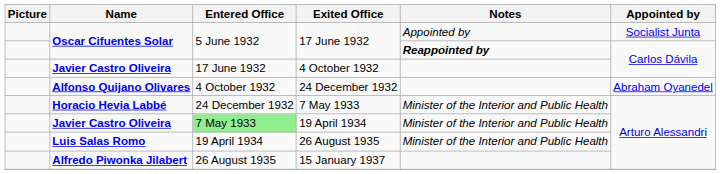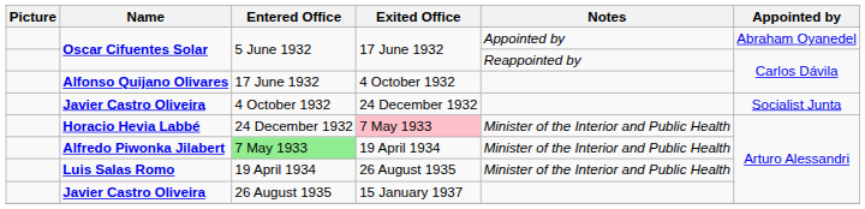 <table class="wikitable" style="margin:1em auto; font-size:95%;">
 <tr>
 <th>Picture</th>
 <th>Name</th>
 <th>Entered Office</th>
 <th>Exited Office</th>
 <th>Notes</th>
 <th>Appointed by</th>
 </tr>
 <tr>
 <td></td>
 <td rowspan=2 align=left><strong><a href='#'>Oscar Cifuentes Solar</a></strong></td>
 <td rowspan=2 align=left>5 June 1932</td>
 <td rowspan=2 align=left>17 June 1932</td>
 <td><em>Appointed by</em></td>
-<td align=center><a href='#'>Socialist Junta</a></td>
+<td align=center><a href='#'>Abraham Oyanedel</a></td>
 </tr>
 <tr>
 <td></td>
-<td><strong><em>Reappointed by</em></strong></td>
+<td><em>Reappointed by</em></td>
 <td rowspan=2 align=center><a href='#'>Carlos Dávila</a></td>
 </tr>
 <tr>
 <td></td>
-<td><strong><a href='#'>Javier Castro Oliveira</a></strong></td>
+<td><strong><a href='#'>Alfonso Quijano Olivares</a></strong></td>
 <td>17 June 1932</td>
 <td>4 October 1932</td>
 <td></td>
 </tr>
 <tr>
 <td></td>
-<td><strong><a href='#'>Alfonso Quijano Olivares</a></strong></td>
+<td><strong><a href='#'>Javier Castro Oliveira</a></strong></td>
 <td>4 October 1932</td>
 <td>24 December 1932</td>
 <td></td>
-<td align=center><a href='#'>Abraham Oyanedel</a></td>
+<td align=center><a href='#'>Socialist Junta</a></td>
 </tr>
 <tr>
 <td></td>
 <td><strong><a href='#'>Horacio Hevia Labbé</a></strong></td>
 <td>24 December 1932</td>
-<td>7 May 1933</td>
+<td style="background: pink;">7 May 1933</td>
 <td><em>Minister of the Interior and Public Health</em></td>
 <td rowspan=4 align=center><a href='#'>Arturo Alessandri</a></td>
 </tr>
 <tr>
 <td></td>
-<td><strong><a href='#'>Javier Castro Oliveira</a></strong></td>
+<td><strong><a href='#'>Alfredo Piwonka Jilabert</a></strong></td>
 <td style="background: lightgreen;">7 May 1933</td>
 <td>19 April 1934</td>
 <td><em>Minister of the Interior and Public Health</em></td>
 </tr>
 <tr>
 <td></td>
 <td><strong><a href='#'>Luis Salas Romo</a></strong></td>
 <td>19 April 1934</td>
 <td>26 August 1935</td>
 <td><em>Minister of the Interior and Public Health</em></td>
 </tr>
 <tr>
 <td></td>
-<td><strong><a href='#'>Alfredo Piwonka Jilabert</a></strong></td>
+<td><strong><a href='#'>Javier Castro Oliveira</a></strong></td>
 <td>26 August 1935</td>
 <td>15 January 1937</td>
 <td></td>
 </tr>
 <tr>
 </tr>
 </table>
